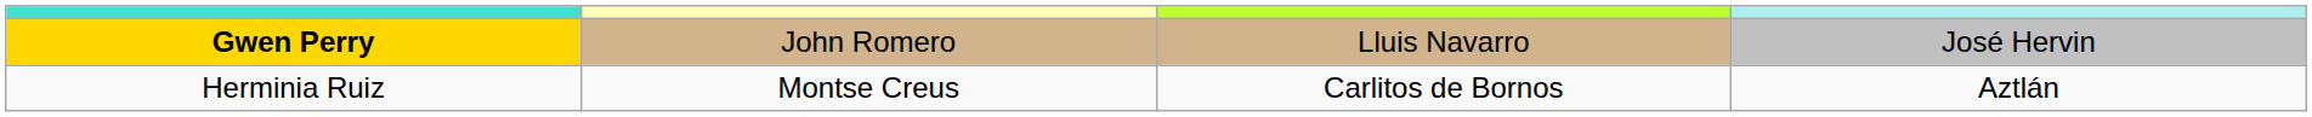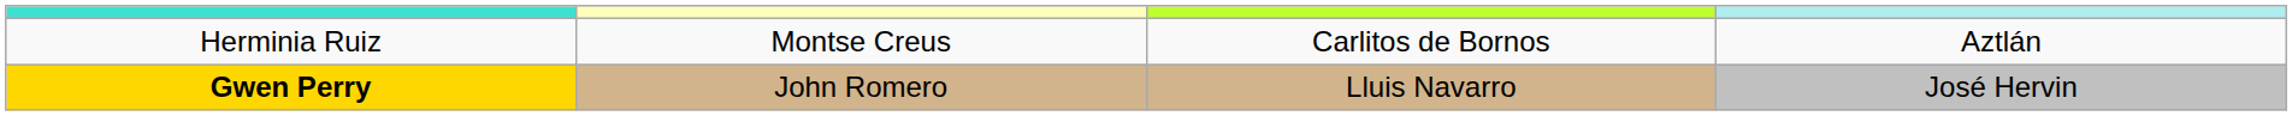 <table class="wikitable" style="text-align:center; font-size:100%; width:100%">
 <tr>
 <td style="width:13%" bgcolor="turquoise"><strong></strong></td>
 <td style="width:13%" bgcolor="#ffffbc"><strong></strong></td>
 <td style="width:13%" bgcolor="#bdff2f"><strong></strong></td>
 <td style="width:13%" bgcolor="#afeeee"><strong></strong></td>
 </tr>
 <tr>
+<td>Herminia Ruiz</td>
+<td>Montse Creus</td>
+<td>Carlitos de Bornos</td>
+<td>Aztlán</td>
+</tr>
+<tr>
 <td bgcolor="gold"><strong>Gwen Perry</strong></td>
 <td bgcolor="tan">John Romero</td>
 <td bgcolor="tan">Lluis Navarro</td>
 <td bgcolor="silver">José Hervin</td>
 </tr>
-<tr>
-<td>Herminia Ruiz</td>
-<td>Montse Creus</td>
-<td>Carlitos de Bornos</td>
-<td>Aztlán</td>
-</tr>
 </table>
